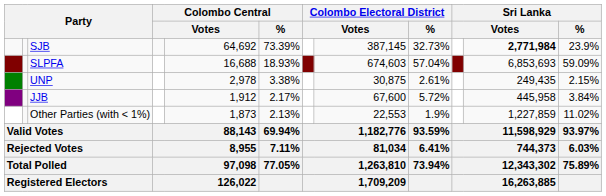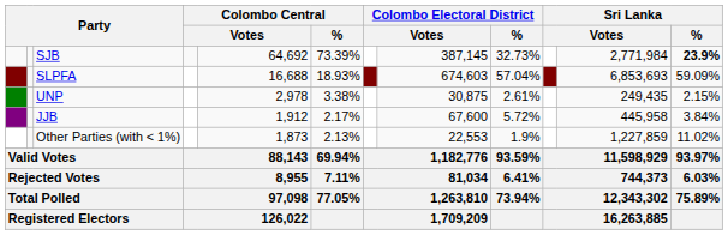 <table class="wikitable">
 <tr>
 <th colspan="3" width="144px"rowspan="2">Party</th>
 <th colspan="3" width="216px">Colombo Central</th>
 <th colspan="3" width="216px"><a href='#'>Colombo Electoral District</a></th>
 <th colspan="3" width="216px">Sri Lanka</th>
 </tr>
 <tr>
 <th colspan="2" width="144px">Votes</th>
 <th>%</th>
 <th colspan="2" width="144px">Votes</th>
 <th>%</th>
 <th colspan="2" width="144px">Votes</th>
 <th>%</th>
 </tr>
 <tr>
 <td style="background-color:"></td>
 <td></td>
 <td style="text-align:left;"><a href='#'>SJB</a></td>
 <td style="background-color:"></td>
 <td style="text-align:right;">64,692</td>
 <td style="text-align:right;">73.39%</td>
 <td style="background-color:white;" width="10px"></td>
 <td style="text-align:right;">387,145</td>
 <td style="text-align:right;">32.73%</td>
 <td style="background-color:white;" width="10px"></td>
-<td style="text-align:right;"><strong>2,771,984</strong></td>
-<td style="text-align:right;">23.9%</td>
+<td style="text-align:right;">2,771,984</td>
+<td style="text-align:right;"><strong>23.9%</strong></td>
 </tr>
 <tr>
 <td style="background-color:maroon;" width="20px"></td>
 <td></td>
 <td style="text-align:left;"><a href='#'>SLPFA</a></td>
 <td style="background-color:white;" width="10px"></td>
 <td style="text-align:right;">16,688</td>
 <td style="text-align:right;">18.93%</td>
 <td style="background-color:maroon;" width="10px"></td>
 <td style="text-align:right;">674,603</td>
 <td style="text-align:right;">57.04%</td>
 <td style="background-color:maroon;" width="10px"></td>
 <td style="text-align:right;">6,853,693</td>
 <td style="text-align:right;">59.09%</td>
 </tr>
 <tr>
 <td style="background-color:green;" width="20px"></td>
 <td></td>
 <td style="text-align:left;"><a href='#'>UNP</a></td>
 <td style="background-color:white;" width="10px"></td>
 <td style="text-align:right;">2,978</td>
 <td style="text-align:right;">3.38%</td>
 <td style="background-color:white;" width="10px"></td>
 <td style="text-align:right;">30,875</td>
 <td style="text-align:right;">2.61%</td>
 <td style="background-color:white;" width="10px"></td>
 <td style="text-align:right;">249,435</td>
 <td style="text-align:right;">2.15%</td>
 </tr>
 <tr>
 <td style="background-color:purple;" width="20px"></td>
 <td></td>
 <td style="text-align:left;"><a href='#'>JJB</a></td>
 <td style="background-color:white;" width="10px"></td>
 <td style="text-align:right;">1,912</td>
 <td style="text-align:right;">2.17%</td>
 <td style="background-color:white;" width="10px"></td>
 <td style="text-align:right;">67,600</td>
 <td style="text-align:right;">5.72%</td>
 <td style="background-color:white;" width="10px"></td>
 <td style="text-align:right;">445,958</td>
 <td style="text-align:right;">3.84%</td>
 </tr>
 <tr>
 <td style="background-color:white;" width="20px"></td>
 <td></td>
 <td style="text-align:left;">Other Parties (with < 1%)</td>
 <td style="background-color:white;" width="10px"></td>
 <td style="text-align:right;">1,873</td>
 <td style="text-align:right;">2.13%</td>
 <td style="background-color:white;" width="10px"></td>
 <td style="text-align:right;">22,553</td>
 <td style="text-align:right;">1.9%</td>
 <td style="background-color:white;" width="10px"></td>
 <td style="text-align:right;">1,227,859</td>
 <td style="text-align:right;">11.02%</td>
 </tr>
 <tr>
 <th colspan="3" width="144px"style="text-align:left;">Valid Votes</th>
 <th style="text-align:right;"colspan="2" width="144px">88,143</th>
 <th style="text-align:right;">69.94%</th>
 <th style="text-align:right;"colspan="2" width="144px">1,182,776</th>
 <th style="text-align:right;">93.59%</th>
 <th style="text-align:right;"colspan="2" width="144px">11,598,929</th>
 <th style="text-align:right;">93.97%</th>
 </tr>
 <tr>
 <th colspan="3" width="144px"style="text-align:left;">Rejected Votes</th>
 <th style="text-align:right;"colspan="2" width="144px">8,955</th>
 <th style="text-align:right;">7.11%</th>
 <th style="text-align:right;"colspan="2" width="144px">81,034</th>
 <th style="text-align:right;">6.41%</th>
 <th style="text-align:right;"colspan="2" width="144px">744,373</th>
 <th style="text-align:right;">6.03%</th>
 </tr>
 <tr>
 <th colspan="3" width="144px"style="text-align:left;">Total Polled</th>
 <th style="text-align:right;"colspan="2" width="144px">97,098</th>
 <th style="text-align:right;">77.05%</th>
 <th style="text-align:right;"colspan="2" width="144px">1,263,810</th>
 <th style="text-align:right;">73.94%</th>
 <th style="text-align:right;"colspan="2" width="144px">12,343,302</th>
 <th style="text-align:right;">75.89%</th>
 </tr>
 <tr>
 <th colspan="3" width="144px"style="text-align:left;">Registered Electors</th>
 <th style="text-align:right;"colspan="2" width="144px">126,022</th>
 <th></th>
 <th style="text-align:right;"colspan="2" width="144px">1,709,209</th>
 <th></th>
 <th style="text-align:right;"colspan="2" width="144px">16,263,885</th>
 <th></th>
 </tr>
 </table>
